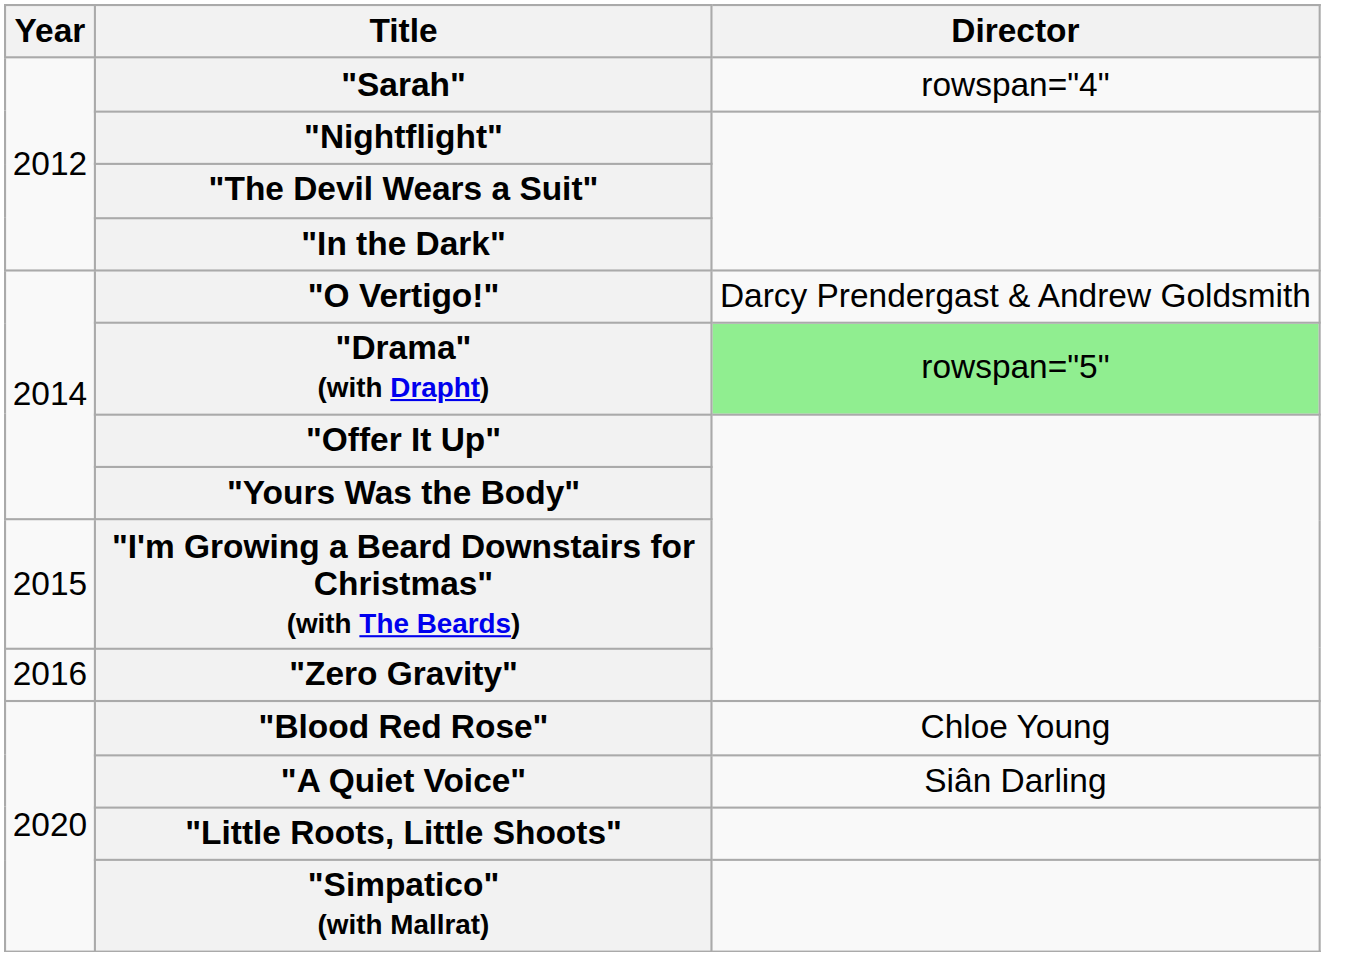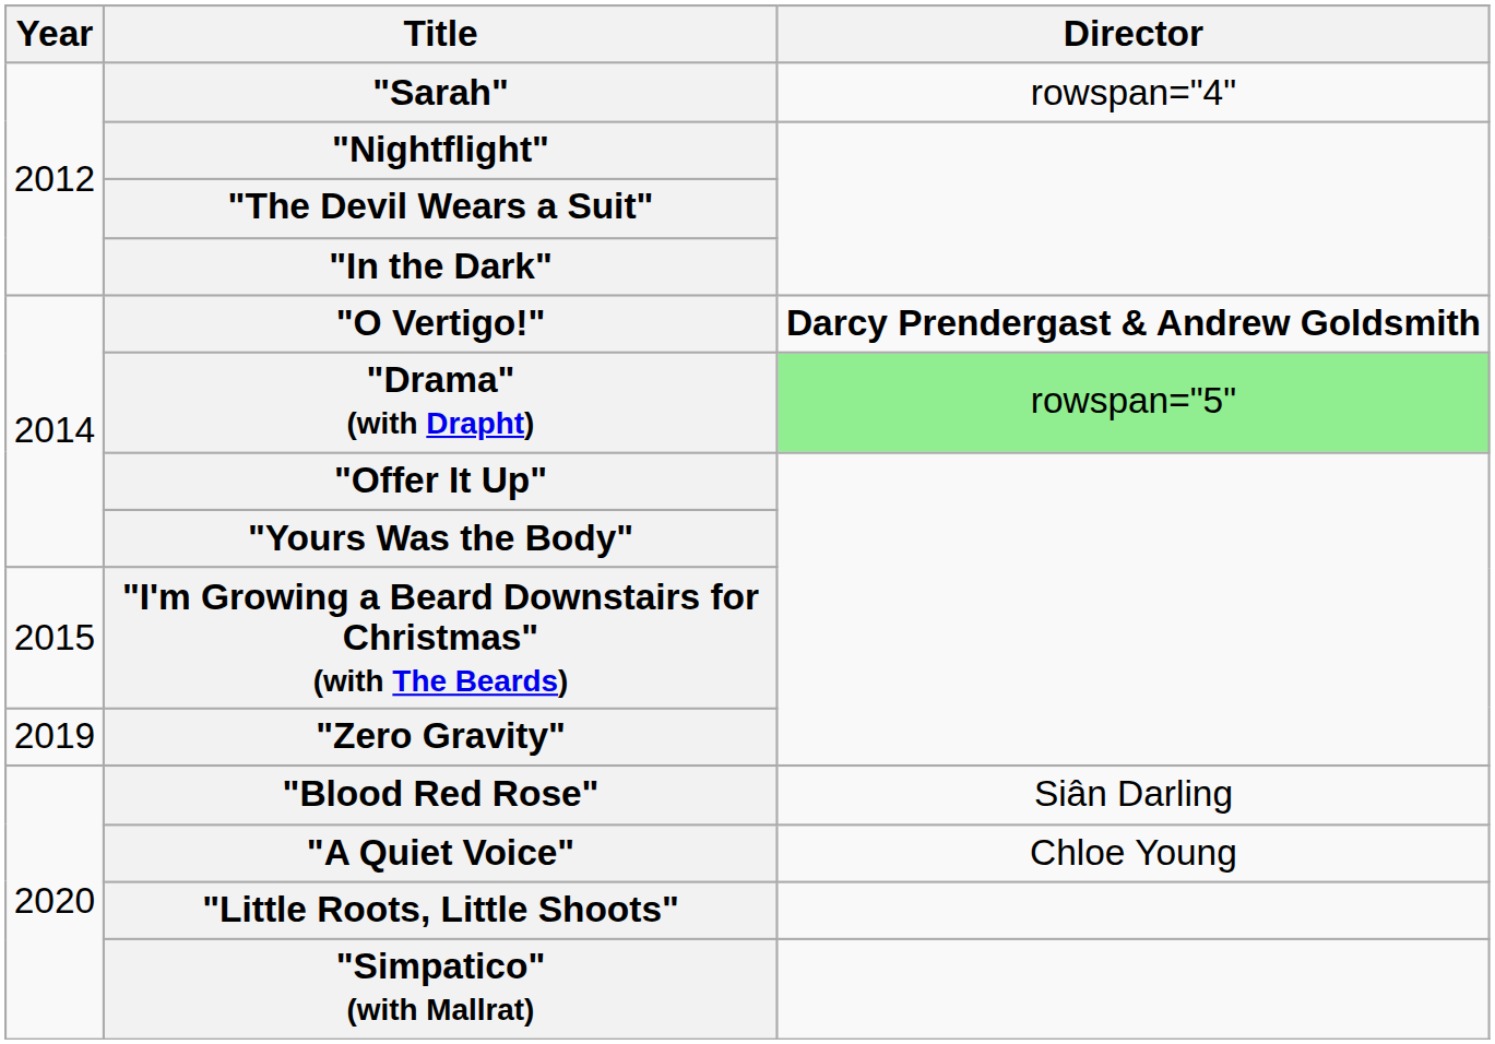 <table class="wikitable plainrowheaders" style="text-align:center;">
 <tr>
 <th>Year</th>
 <th style="width:18em;">Title</th>
 <th>Director</th>
 </tr>
 <tr>
 <td rowspan="4">2012</td>
 <th scope="row">"Sarah"</th>
 <td>rowspan="4" </td>
 </tr>
 <tr>
 <th scope="row">"Nightflight"</th>
 </tr>
 <tr>
 <th scope="row">"The Devil Wears a Suit"</th>
 </tr>
 <tr>
 <th scope="row">"In the Dark"</th>
 </tr>
 <tr>
 <td rowspan="4">2014</td>
 <th scope="row">"O Vertigo!"</th>
-<td>Darcy Prendergast & Andrew Goldsmith</td>
+<td><strong>Darcy Prendergast & Andrew Goldsmith</strong></td>
 </tr>
 <tr>
 <th scope="row">"Drama"<br><small>(with <a href='#'>Drapht</a>)</small></th>
 <td style="background: lightgreen;">rowspan="5" </td>
 </tr>
 <tr>
 <th scope="row">"Offer It Up"</th>
 </tr>
 <tr>
 <th scope="row">"Yours Was the Body"</th>
 </tr>
 <tr>
 <td>2015</td>
 <th scope="row">"I'm Growing a Beard Downstairs for Christmas"<br><small>(with <a href='#'>The Beards</a>)</small></th>
 </tr>
 <tr>
-<td>2016</td>
+<td>2019</td>
 <th scope="row">"Zero Gravity"</th>
 </tr>
 <tr>
 <td rowspan="4">2020</td>
 <th scope="row">"Blood Red Rose"</th>
-<td>Chloe Young</td>
+<td>Siân Darling</td>
 </tr>
 <tr>
 <th scope="row">"A Quiet Voice"</th>
-<td>Siân Darling</td>
+<td>Chloe Young</td>
 </tr>
 <tr>
 <th scope="row">"Little Roots, Little Shoots"</th>
 <td></td>
 </tr>
 <tr>
 <th scope="row">"Simpatico"<br><small>(with Mallrat)</small></th>
 <td></td>
 </tr>
 <tr>
 </tr>
 </table>
